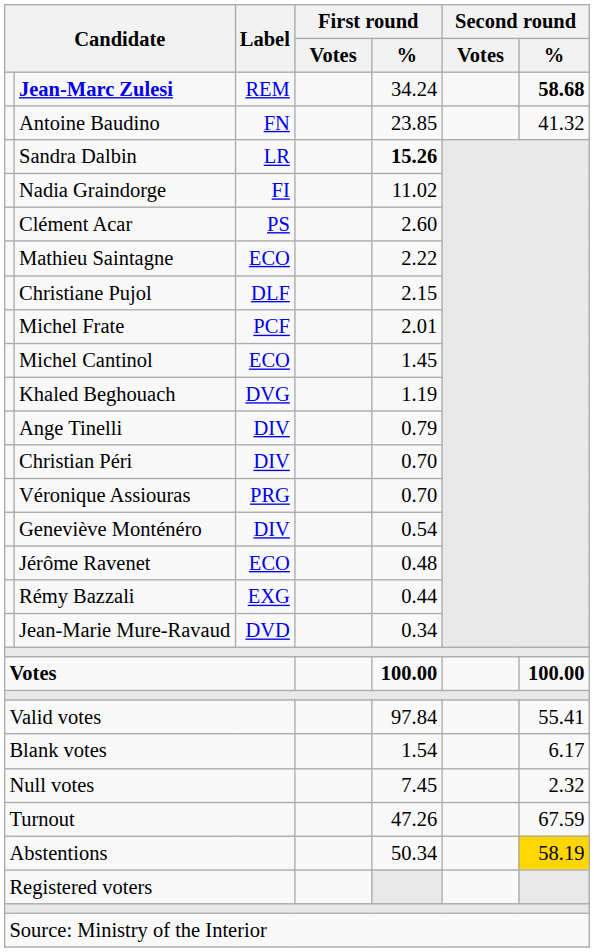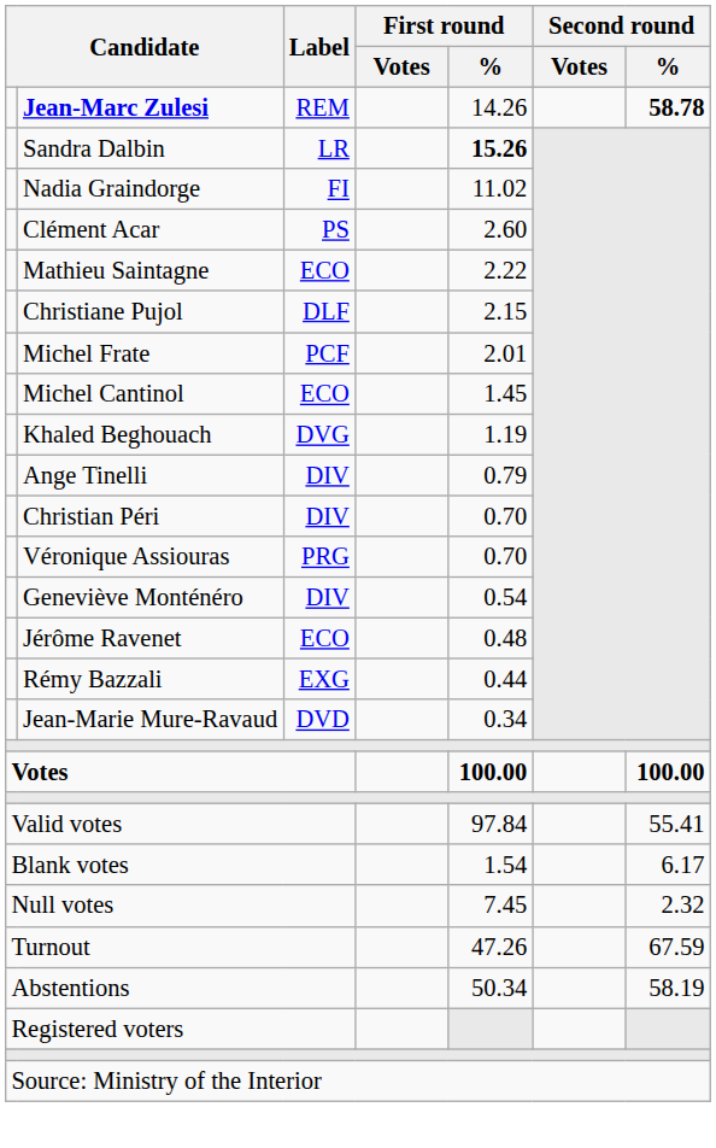 <table class="wikitable" style="text-align:right;font-size:95%;">
 <tr>
 <th rowspan="2" colspan="2">Candidate</th>
 <th rowspan="2">Label</th>
 <th colspan="2">First round</th>
 <th colspan="2">Second round</th>
 </tr>
 <tr>
 <th style="width:50px;">Votes</th>
 <th style="width:45px;">%</th>
 <th style="width:50px;">Votes</th>
 <th style="width:45px;">%</th>
 </tr>
 <tr>
 <td style="color:inherit;background:"></td>
 <td style="text-align:left;"><strong><a href='#'>Jean-Marc Zulesi</a></strong></td>
 <td><a href='#'>REM</a></td>
 <td></td>
-<td>34.24</td>
+<td>14.26</td>
 <td><strong></strong></td>
-<td><strong>58.68</strong></td>
-</tr>
-<tr>
-<td style="color:inherit;background:"></td>
-<td style="text-align:left;">Antoine Baudino</td>
-<td><a href='#'>FN</a></td>
-<td></td>
-<td>23.85</td>
-<td></td>
-<td>41.32</td>
+<td><strong>58.78</strong></td>
 </tr>
 <tr>
 <td style="color:inherit;background:"></td>
 <td style="text-align:left;">Sandra Dalbin</td>
 <td><a href='#'>LR</a></td>
 <td></td>
 <td><strong>15.26</strong></td>
 <td colspan="2" rowspan="15" style="background:#E9E9E9;"></td>
 </tr>
 <tr>
 <td style="color:inherit;background:"></td>
 <td style="text-align:left;">Nadia Graindorge</td>
 <td><a href='#'>FI</a></td>
 <td></td>
 <td>11.02</td>
 </tr>
 <tr>
 <td style="color:inherit;background:"></td>
 <td style="text-align:left;">Clément Acar</td>
 <td><a href='#'>PS</a></td>
 <td></td>
 <td>2.60</td>
 </tr>
 <tr>
 <td style="color:inherit;background:"></td>
 <td style="text-align:left;">Mathieu Saintagne</td>
 <td><a href='#'>ECO</a></td>
 <td></td>
 <td>2.22</td>
 </tr>
 <tr>
 <td style="color:inherit;background:"></td>
 <td style="text-align:left;">Christiane Pujol</td>
 <td><a href='#'>DLF</a></td>
 <td></td>
 <td>2.15</td>
 </tr>
 <tr>
 <td style="color:inherit;background:"></td>
 <td style="text-align:left;">Michel Frate</td>
 <td><a href='#'>PCF</a></td>
 <td></td>
 <td>2.01</td>
 </tr>
 <tr>
 <td style="color:inherit;background:"></td>
 <td style="text-align:left;">Michel Cantinol</td>
 <td><a href='#'>ECO</a></td>
 <td></td>
 <td>1.45</td>
 </tr>
 <tr>
 <td style="color:inherit;background:"></td>
 <td style="text-align:left;">Khaled Beghouach</td>
 <td><a href='#'>DVG</a></td>
 <td></td>
 <td>1.19</td>
 </tr>
 <tr>
 <td style="color:inherit;background:"></td>
 <td style="text-align:left;">Ange Tinelli</td>
 <td><a href='#'>DIV</a></td>
 <td></td>
 <td>0.79</td>
 </tr>
 <tr>
 <td style="color:inherit;background:"></td>
 <td style="text-align:left;">Christian Péri</td>
 <td><a href='#'>DIV</a></td>
 <td></td>
 <td>0.70</td>
 </tr>
 <tr>
 <td style="color:inherit;background:"></td>
 <td style="text-align:left;">Véronique Assiouras</td>
 <td><a href='#'>PRG</a></td>
 <td></td>
 <td>0.70</td>
 </tr>
 <tr>
 <td style="color:inherit;background:"></td>
 <td style="text-align:left;">Geneviève Monténéro</td>
 <td><a href='#'>DIV</a></td>
 <td></td>
 <td>0.54</td>
 </tr>
 <tr>
 <td style="color:inherit;background:"></td>
 <td style="text-align:left;">Jérôme Ravenet</td>
 <td><a href='#'>ECO</a></td>
 <td></td>
 <td>0.48</td>
 </tr>
 <tr>
 <td style="color:inherit;background:"></td>
 <td style="text-align:left;">Rémy Bazzali</td>
 <td><a href='#'>EXG</a></td>
 <td></td>
 <td>0.44</td>
 </tr>
 <tr>
 <td style="color:inherit;background:"></td>
 <td style="text-align:left;">Jean-Marie Mure-Ravaud</td>
 <td><a href='#'>DVD</a></td>
 <td></td>
 <td>0.34</td>
 </tr>
 <tr>
 <td colspan="7" style="background:#E9E9E9;"></td>
 </tr>
 <tr style="font-weight:bold;">
 <td colspan="3" style="text-align:left;">Votes</td>
 <td></td>
 <td>100.00</td>
 <td></td>
 <td>100.00</td>
 </tr>
 <tr>
 <td colspan="7" style="background:#E9E9E9;"></td>
 </tr>
 <tr>
 <td colspan="3" style="text-align:left;">Valid votes</td>
 <td></td>
 <td>97.84</td>
 <td></td>
 <td>55.41</td>
 </tr>
 <tr>
 <td colspan="3" style="text-align:left;">Blank votes</td>
 <td></td>
 <td>1.54</td>
 <td></td>
 <td>6.17</td>
 </tr>
 <tr>
 <td colspan="3" style="text-align:left;">Null votes</td>
 <td></td>
 <td>7.45</td>
 <td></td>
 <td>2.32</td>
 </tr>
 <tr>
 <td colspan="3" style="text-align:left;">Turnout</td>
 <td></td>
 <td>47.26</td>
 <td></td>
 <td>67.59</td>
 </tr>
 <tr>
 <td colspan="3" style="text-align:left;">Abstentions</td>
 <td></td>
 <td>50.34</td>
 <td></td>
-<td style="background: gold;">58.19</td>
+<td>58.19</td>
 </tr>
 <tr>
 <td colspan="3" style="text-align:left;">Registered voters</td>
 <td></td>
 <td style="background:#E9E9E9;"></td>
 <td></td>
 <td style="background:#E9E9E9;"></td>
 </tr>
 <tr>
 <td colspan="7" style="background:#E9E9E9;"></td>
 </tr>
 <tr>
 <td colspan="7" style="text-align:left;">Source:  Ministry of the Interior</td>
 </tr>
 </table>
